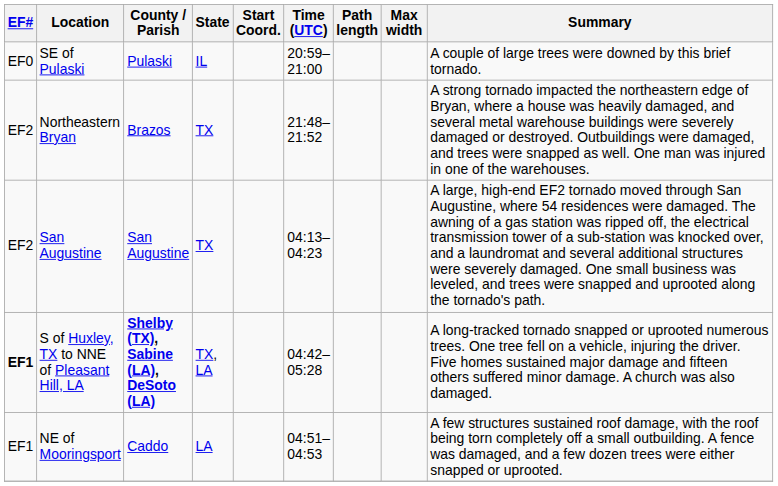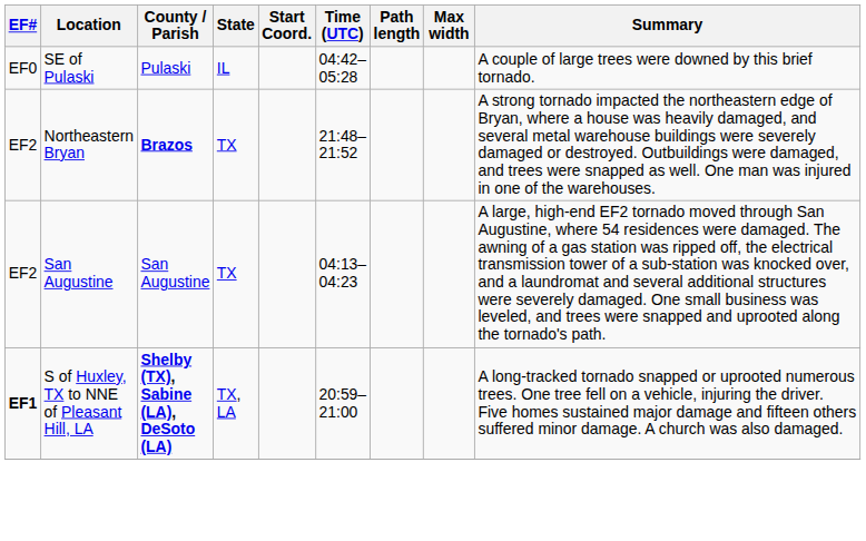 <table class="wikitable sortable" style="width:100%;">
 <tr>
 <th scope="col"  style="width:3%; text-align:center;"><a href='#'>EF#</a></th>
 <th scope="col"  style="width:7%; text-align:center;" class="unsortable">Location</th>
 <th scope="col"  style="width:6%; text-align:center;" class="unsortable">County / Parish</th>
 <th scope="col"  style="width:5%; text-align:center;">State</th>
 <th scope="col"  style="width:6%; text-align:center;">Start Coord.</th>
 <th scope="col"  style="width:6%; text-align:center;">Time (<a href='#'>UTC</a>)</th>
 <th scope="col"  style="width:6%; text-align:center;">Path length</th>
 <th scope="col"  style="width:6%; text-align:center;">Max width</th>
 <th scope="col" class="unsortable" style="width:48%; text-align:center;">Summary</th>
 </tr>
 <tr>
 <td>EF0</td>
 <td>SE of <a href='#'>Pulaski</a></td>
 <td><a href='#'>Pulaski</a></td>
 <td><a href='#'>IL</a></td>
 <td></td>
-<td>20:59–21:00</td>
+<td>04:42–05:28</td>
 <td></td>
 <td></td>
 <td>A couple of large trees were downed by this brief tornado.</td>
 </tr>
 <tr>
 <td>EF2</td>
 <td>Northeastern <a href='#'>Bryan</a></td>
-<td><a href='#'>Brazos</a></td>
+<td><strong><a href='#'>Brazos</a></strong></td>
 <td><a href='#'>TX</a></td>
 <td></td>
 <td>21:48–21:52</td>
 <td></td>
 <td></td>
 <td>A strong tornado impacted the northeastern edge of Bryan, where a house was heavily damaged, and several metal warehouse buildings were severely damaged or destroyed. Outbuildings were damaged, and trees were snapped as well. One man was injured in one of the warehouses.</td>
 </tr>
 <tr>
 <td>EF2</td>
 <td><a href='#'>San Augustine</a></td>
 <td><a href='#'>San Augustine</a></td>
 <td><a href='#'>TX</a></td>
 <td></td>
 <td>04:13–04:23</td>
 <td></td>
 <td></td>
 <td>A large, high-end EF2 tornado moved through San Augustine, where 54 residences were damaged. The awning of a gas station was ripped off, the electrical transmission tower of a sub-station was knocked over, and a laundromat and several additional structures were severely damaged. One small business was leveled, and trees were snapped and uprooted along the tornado's path.</td>
 </tr>
 <tr>
 <td><strong>EF1</strong></td>
 <td>S of <a href='#'>Huxley, TX</a> to NNE of <a href='#'>Pleasant Hill, LA</a></td>
 <td><strong><a href='#'>Shelby (TX)</a>, <a href='#'>Sabine (LA)</a>, <a href='#'>DeSoto (LA)</a></strong></td>
 <td><a href='#'>TX</a>, <a href='#'>LA</a></td>
 <td></td>
-<td>04:42–05:28</td>
+<td>20:59–21:00</td>
 <td></td>
 <td></td>
 <td>A long-tracked tornado snapped or uprooted numerous trees. One tree fell on a vehicle, injuring the driver. Five homes sustained major damage and fifteen others suffered minor damage. A church was also damaged.<br></td>
 </tr>
 <tr>
-<td>EF1</td>
-<td>NE of <a href='#'>Mooringsport</a></td>
-<td><a href='#'>Caddo</a></td>
-<td><a href='#'>LA</a></td>
-<td></td>
-<td>04:51–04:53</td>
-<td></td>
-<td></td>
-<td>A few structures sustained roof damage, with the roof being torn completely off a small outbuilding. A fence was damaged, and a few dozen trees were either snapped or uprooted.</td>
-</tr>
-<tr>
 </tr>
 </table>
